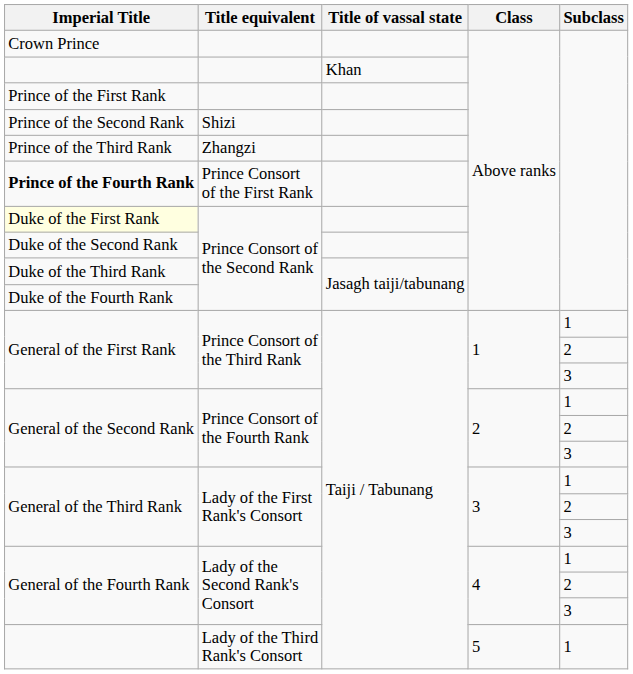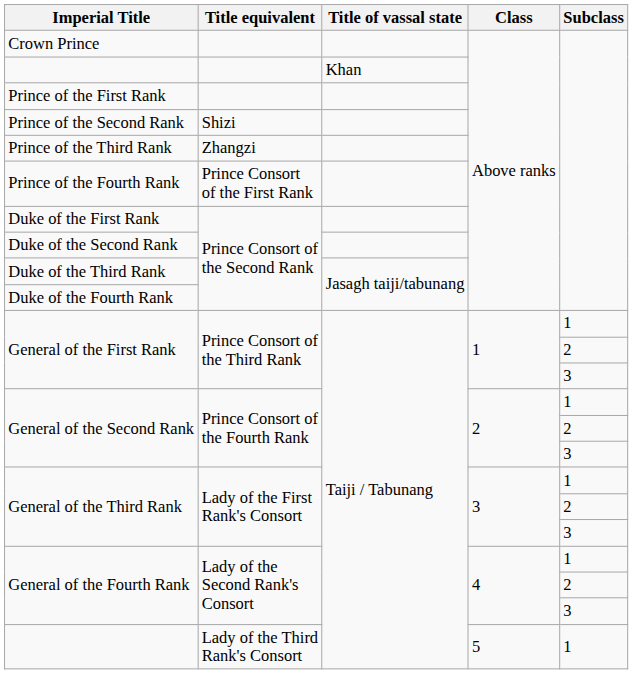 <table class="wikitable">
 <tr>
 <th>Imperial Title</th>
 <th>Title equivalent</th>
 <th>Title of vassal state</th>
 <th>Class</th>
 <th>Subclass</th>
 </tr>
 <tr>
 <td>Crown Prince</td>
 <td></td>
 <td></td>
 <td rowspan="10">Above ranks</td>
 <td rowspan="10"></td>
 </tr>
 <tr>
 <td></td>
 <td></td>
 <td>Khan</td>
 </tr>
 <tr>
 <td>Prince of the First Rank</td>
 <td></td>
 <td></td>
 </tr>
 <tr>
 <td>Prince of the Second Rank</td>
 <td>Shizi</td>
 <td></td>
 </tr>
 <tr>
 <td>Prince of the Third Rank</td>
 <td>Zhangzi</td>
 <td></td>
 </tr>
 <tr>
-<td><strong>Prince of the Fourth Rank</strong></td>
+<td>Prince of the Fourth Rank</td>
 <td>Prince Consort<br>of the First Rank</td>
 <td></td>
 </tr>
 <tr>
-<td style="background: lightyellow;">Duke of the First Rank</td>
+<td>Duke of the First Rank</td>
 <td rowspan="4">Prince Consort of<br>the Second Rank</td>
 <td></td>
 </tr>
 <tr>
 <td>Duke of the Second Rank</td>
 <td></td>
 </tr>
 <tr>
 <td>Duke of the Third Rank</td>
 <td rowspan="2">Jasagh taiji/tabunang</td>
 </tr>
 <tr>
 <td>Duke of the Fourth Rank</td>
 </tr>
 <tr>
 <td rowspan="3">General of the First Rank</td>
 <td rowspan="3">Prince Consort of<br>the Third Rank</td>
 <td rowspan="13">Taiji / Tabunang</td>
 <td rowspan="3">1</td>
 <td>1</td>
 </tr>
 <tr>
 <td>2</td>
 </tr>
 <tr>
 <td>3</td>
 </tr>
 <tr>
 <td rowspan="3">General of the Second Rank</td>
 <td rowspan="3">Prince Consort of<br>the Fourth Rank</td>
 <td rowspan="3">2</td>
 <td>1</td>
 </tr>
 <tr>
 <td>2</td>
 </tr>
 <tr>
 <td>3</td>
 </tr>
 <tr>
 <td rowspan="3">General of the Third Rank</td>
 <td rowspan="3">Lady of the First<br>Rank's Consort</td>
 <td rowspan="3">3</td>
 <td>1</td>
 </tr>
 <tr>
 <td>2</td>
 </tr>
 <tr>
 <td>3</td>
 </tr>
 <tr>
 <td rowspan="3">General of the Fourth Rank</td>
 <td rowspan="3">Lady of the<br>Second Rank's<br>Consort</td>
 <td rowspan="3">4</td>
 <td>1</td>
 </tr>
 <tr>
 <td>2</td>
 </tr>
 <tr>
 <td>3</td>
 </tr>
 <tr>
 <td></td>
 <td>Lady of the Third<br>Rank's Consort</td>
 <td>5</td>
 <td>1</td>
 </tr>
 </table>
